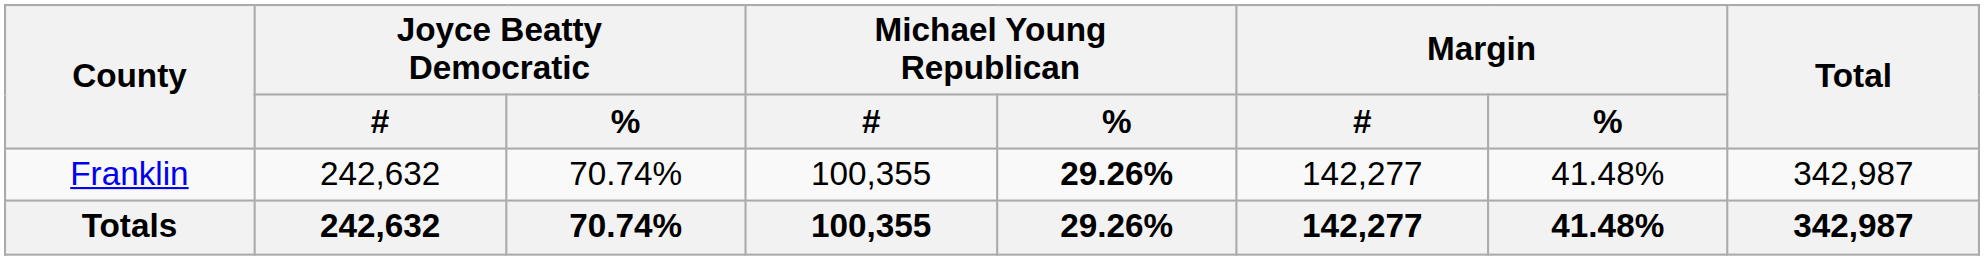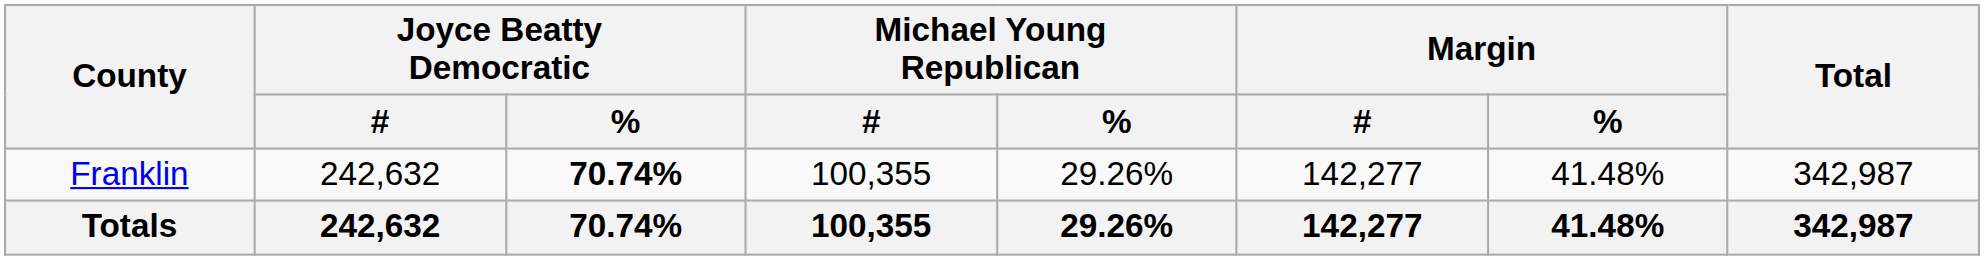 <table width="60%" class="wikitable sortable">
 <tr>
 <th rowspan="2">County</th>
 <th colspan="2">Joyce Beatty<br>Democratic</th>
 <th colspan="2">Michael Young<br>Republican</th>
 <th colspan="2">Margin</th>
 <th rowspan="2">Total</th>
 </tr>
 <tr>
 <th style="text-align:center;" data-sort-type="number">#</th>
 <th style="text-align:center;" data-sort-type="number">%</th>
 <th style="text-align:center;" data-sort-type="number">#</th>
 <th style="text-align:center;" data-sort-type="number">%</th>
 <th style="text-align:center;" data-sort-type="number">#</th>
 <th style="text-align:center;" data-sort-type="number">%</th>
 </tr>
 <tr style="text-align:center;">
 <td><a href='#'>Franklin</a></td>
 <td>242,632</td>
-<td>70.74%</td>
+<td><strong>70.74%</strong></td>
 <td>100,355</td>
-<td><strong>29.26%</strong></td>
+<td>29.26%</td>
 <td>142,277</td>
 <td>41.48%</td>
 <td>342,987</td>
 </tr>
 <tr style="text-align:center;">
 <th>Totals</th>
 <th>242,632</th>
 <th>70.74%</th>
 <th>100,355</th>
 <th>29.26%</th>
 <th>142,277</th>
 <th>41.48%</th>
 <th>342,987</th>
 </tr>
 </table>
